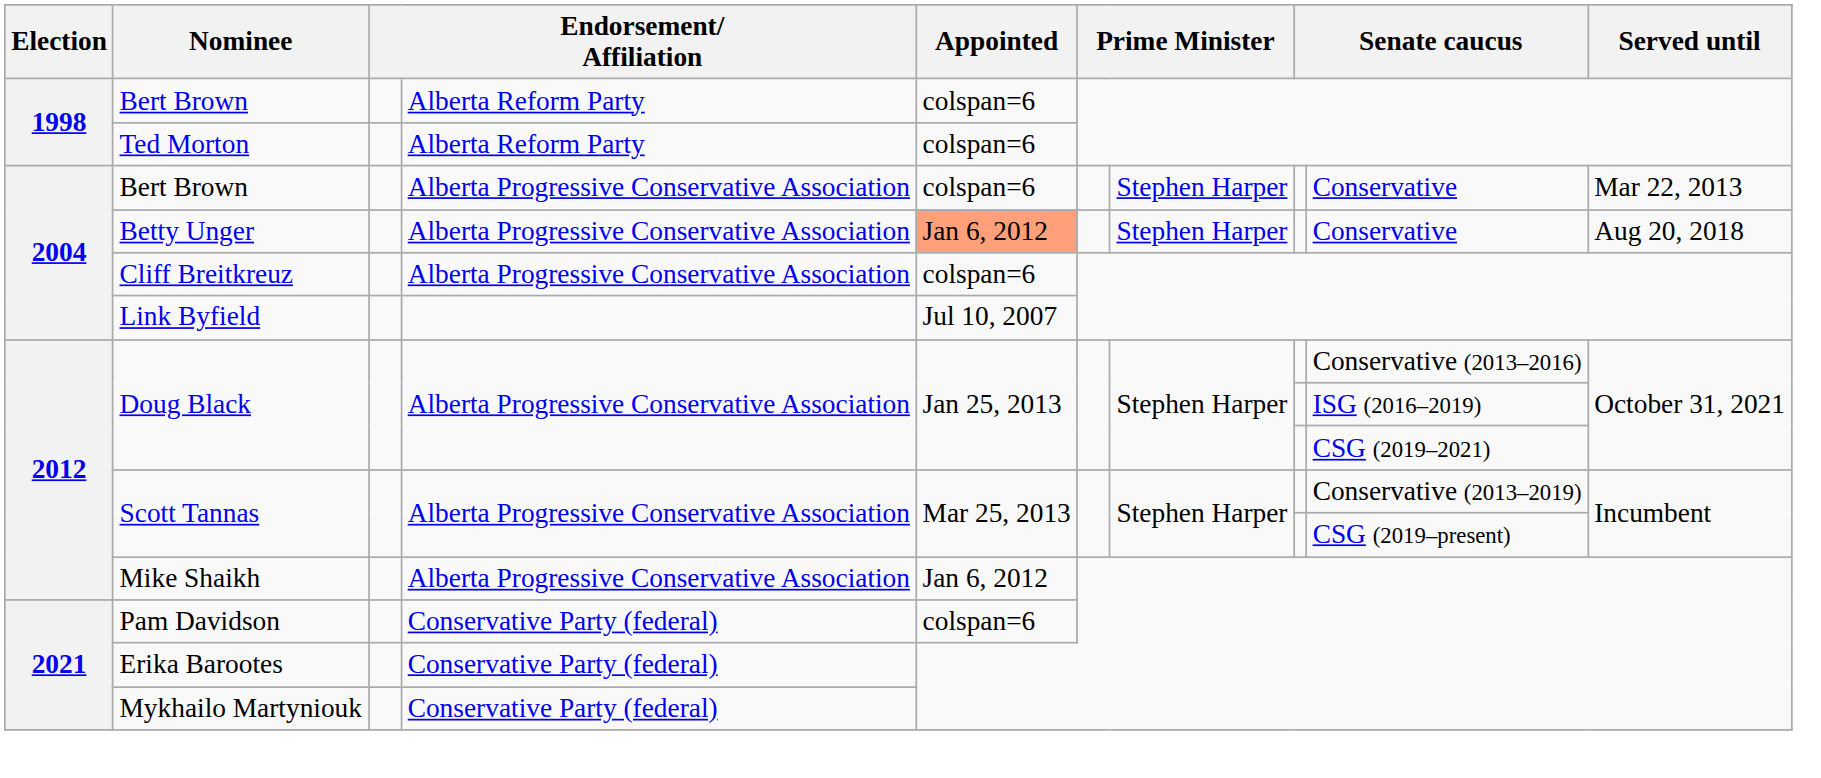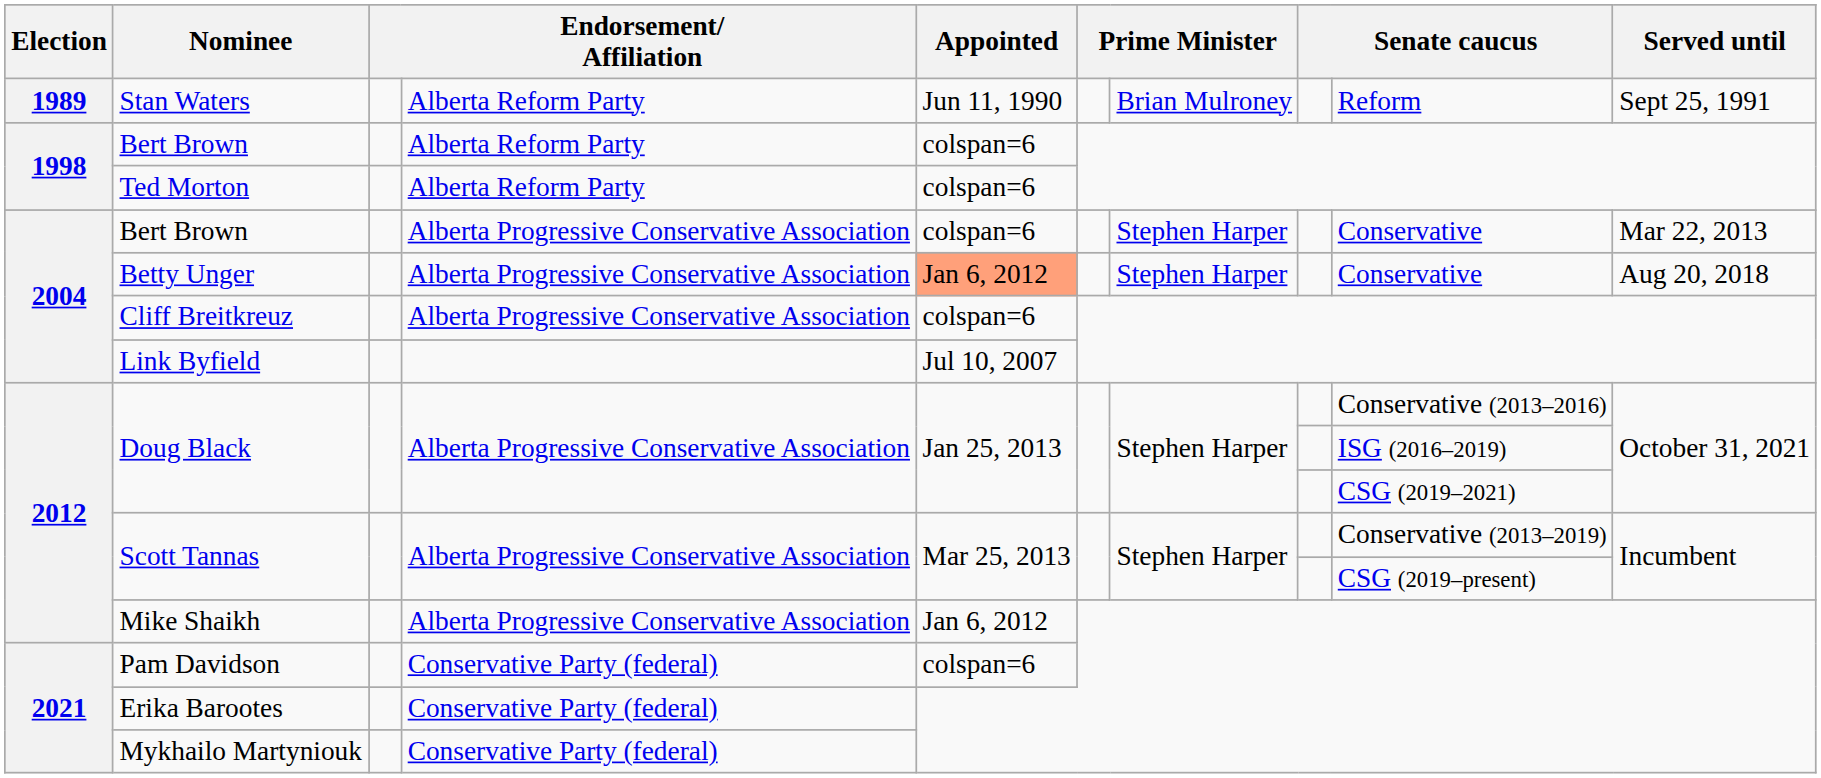 <table class=wikitable>
 <tr>
 <th>Election</th>
 <th>Nominee</th>
 <th colspan=2>Endorsement/<br>Affiliation</th>
 <th>Appointed</th>
 <th colspan=2>Prime Minister</th>
 <th colspan=2>Senate caucus</th>
 <th>Served until</th>
+</tr>
+<tr>
+<th><a href='#'>1989</a></th>
+<td><a href='#'>Stan Waters</a></td>
+<td>   </td>
+<td><a href='#'>Alberta Reform Party</a></td>
+<td>Jun 11, 1990</td>
+<td>   </td>
+<td><a href='#'>Brian Mulroney</a></td>
+<td>   </td>
+<td><a href='#'>Reform</a></td>
+<td>Sept 25, 1991</td>
 </tr>
 <tr>
 <th rowspan=2><a href='#'>1998</a></th>
 <td><a href='#'>Bert Brown</a></td>
 <td></td>
 <td><a href='#'>Alberta Reform Party</a></td>
 <td>colspan=6 </td>
 </tr>
 <tr>
 <td><a href='#'>Ted Morton</a></td>
 <td>   </td>
 <td><a href='#'>Alberta Reform Party</a></td>
 <td>colspan=6 </td>
 </tr>
 <tr>
 <th rowspan=4><a href='#'>2004</a></th>
 <td>Bert Brown</td>
 <td></td>
 <td><a href='#'>Alberta Progressive Conservative Association</a></td>
 <td>colspan=6 </td>
 <td></td>
 <td><a href='#'>Stephen Harper</a></td>
 <td></td>
 <td><a href='#'>Conservative</a></td>
 <td>Mar 22, 2013</td>
 </tr>
 <tr>
 <td><a href='#'>Betty Unger</a></td>
 <td></td>
 <td><a href='#'>Alberta Progressive Conservative Association</a></td>
 <td style="background: lightsalmon;">Jan 6, 2012</td>
 <td></td>
 <td><a href='#'>Stephen Harper</a></td>
 <td></td>
 <td><a href='#'>Conservative</a></td>
 <td>Aug 20, 2018</td>
 </tr>
 <tr>
 <td><a href='#'>Cliff Breitkreuz</a></td>
 <td></td>
 <td><a href='#'>Alberta Progressive Conservative Association</a></td>
 <td>colspan=6 </td>
 </tr>
 <tr>
 <td><a href='#'>Link Byfield</a></td>
 <td></td>
 <td></td>
 <td>Jul 10, 2007</td>
 </tr>
 <tr>
 <th rowspan=6><a href='#'>2012</a></th>
 <td rowspan=3><a href='#'>Doug Black</a></td>
 <td rowspan=3 ></td>
 <td rowspan=3><a href='#'>Alberta Progressive Conservative Association</a></td>
 <td rowspan=3>Jan 25, 2013</td>
 <td rowspan=3 >   </td>
 <td rowspan=3>Stephen Harper</td>
 <td></td>
 <td>Conservative <small>(2013–2016)</small></td>
 <td rowspan=3>October 31, 2021</td>
 </tr>
 <tr>
 <td></td>
 <td><a href='#'>ISG</a> <small>(2016–2019)</small></td>
 </tr>
 <tr>
 <td></td>
 <td><a href='#'>CSG</a> <small>(2019–2021)</small></td>
 </tr>
 <tr>
 <td rowspan=2><a href='#'>Scott Tannas</a></td>
 <td rowspan=2 ></td>
 <td rowspan=2><a href='#'>Alberta Progressive Conservative Association</a></td>
 <td rowspan=2>Mar 25, 2013</td>
 <td rowspan=2 >   </td>
 <td rowspan=2>Stephen Harper</td>
 <td></td>
 <td>Conservative <small>(2013–2019)</small></td>
 <td rowspan=2>Incumbent</td>
 </tr>
 <tr>
 <td></td>
 <td><a href='#'>CSG</a> <small>(2019–present)</small></td>
 </tr>
 <tr>
 <td>Mike Shaikh</td>
 <td></td>
 <td><a href='#'>Alberta Progressive Conservative Association</a></td>
 <td>Jan 6, 2012</td>
 </tr>
 <tr>
 <th rowspan=3><a href='#'>2021</a></th>
 <td>Pam Davidson</td>
 <td></td>
 <td><a href='#'>Conservative Party (federal)</a></td>
 <td>colspan=6 </td>
 </tr>
 <tr>
 <td>Erika Barootes</td>
 <td></td>
 <td><a href='#'>Conservative Party (federal)</a></td>
 </tr>
 <tr>
 <td>Mykhailo Martyniouk</td>
 <td></td>
 <td><a href='#'>Conservative Party (federal)</a></td>
 </tr>
 </table>
